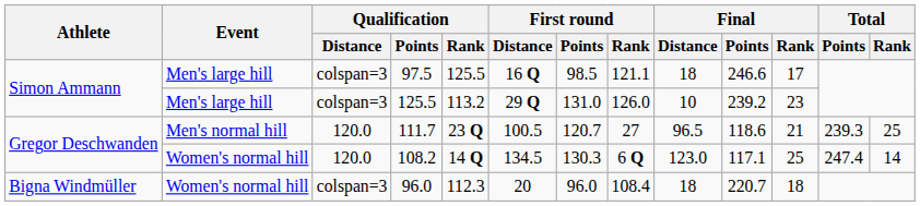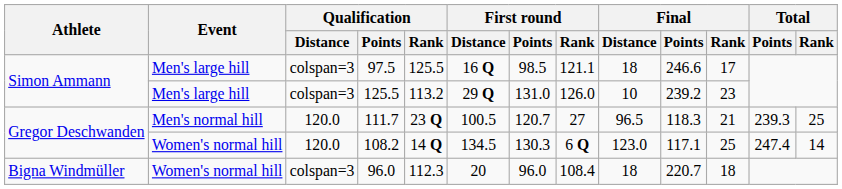 <table class="wikitable" style="font-size:90%">
 <tr>
 <th rowspan=2>Athlete</th>
 <th rowspan=2>Event</th>
 <th colspan=3>Qualification</th>
 <th colspan=3>First round</th>
 <th colspan=3>Final</th>
 <th colspan=2>Total</th>
 </tr>
 <tr style="font-size:95%">
 <th>Distance</th>
 <th>Points</th>
 <th>Rank</th>
 <th>Distance</th>
 <th>Points</th>
 <th>Rank</th>
 <th>Distance</th>
 <th>Points</th>
 <th>Rank</th>
 <th>Points</th>
 <th>Rank</th>
 </tr>
 <tr align=center>
 <td align=left rowspan=2><a href='#'>Simon Ammann</a></td>
 <td align=left><a href='#'>Men's large hill</a></td>
 <td>colspan=3 </td>
 <td>97.5</td>
 <td>125.5</td>
 <td>16 <strong>Q</strong></td>
 <td>98.5</td>
 <td>121.1</td>
 <td>18</td>
 <td>246.6</td>
 <td>17</td>
 </tr>
 <tr align=center>
 <td align=left><a href='#'>Men's large hill</a></td>
 <td>colspan=3 </td>
 <td>125.5</td>
 <td>113.2</td>
 <td>29 <strong>Q</strong></td>
 <td>131.0</td>
 <td>126.0</td>
 <td>10</td>
 <td>239.2</td>
 <td>23</td>
 </tr>
 <tr align=center>
 <td align=left rowspan=2><a href='#'>Gregor Deschwanden</a></td>
 <td align=left><a href='#'>Men's normal hill</a></td>
 <td>120.0</td>
 <td>111.7</td>
 <td>23 <strong>Q</strong></td>
 <td>100.5</td>
 <td>120.7</td>
 <td>27</td>
 <td>96.5</td>
-<td>118.6</td>
+<td>118.3</td>
 <td>21</td>
 <td>239.3</td>
 <td>25</td>
 </tr>
 <tr align=center>
 <td align=left><a href='#'>Women's normal hill</a></td>
 <td>120.0</td>
 <td>108.2</td>
 <td>14 <strong>Q</strong></td>
 <td>134.5</td>
 <td>130.3</td>
 <td>6 <strong>Q</strong></td>
 <td>123.0</td>
 <td>117.1</td>
 <td>25</td>
 <td>247.4</td>
 <td>14</td>
 </tr>
 <tr align=center>
 <td align=left><a href='#'>Bigna Windmüller</a></td>
 <td align=left><a href='#'>Women's normal hill</a></td>
 <td>colspan=3 </td>
 <td>96.0</td>
 <td>112.3</td>
 <td>20</td>
 <td>96.0</td>
 <td>108.4</td>
 <td>18</td>
 <td>220.7</td>
 <td>18</td>
 </tr>
 </table>
